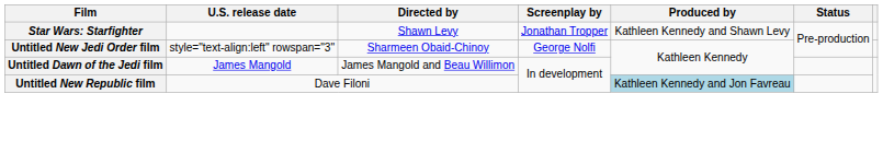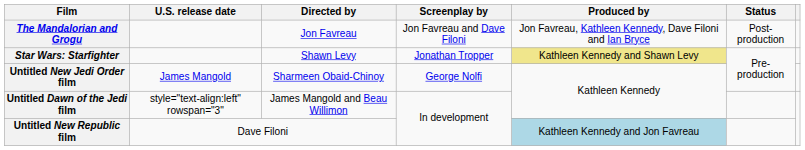 <table class="wikitable plainrowheaders" style="text-align:center; margin=auto; width:100%;">
 <tr>
 <th>Film</th>
 <th>U.S. release date</th>
 <th>Directed by</th>
 <th>Screenplay by</th>
 <th>Produced by</th>
 <th>Status</th>
 <th></th>
 </tr>
 <tr>
+<th scope="row"><em><a href='#'>The Mandalorian and Grogu</a></em></th>
+<td style="text-align:left"></td>
+<td><a href='#'>Jon Favreau</a></td>
+<td>Jon Favreau and <a href='#'>Dave Filoni</a></td>
+<td>Jon Favreau, <a href='#'>Kathleen Kennedy</a>, Dave Filoni and <a href='#'>Ian Bryce</a></td>
+<td>Post-production</td>
+<td></td>
+</tr>
+<tr>
 <th scope="row"><em>Star Wars: Starfighter</em></th>
 <td style="text-align:left"></td>
 <td><a href='#'>Shawn Levy</a></td>
 <td><a href='#'>Jonathan Tropper</a></td>
-<td>Kathleen Kennedy and Shawn Levy</td>
+<td style="background: khaki;">Kathleen Kennedy and Shawn Levy</td>
 <td rowspan="2">Pre-production</td>
 <td></td>
 </tr>
 <tr>
 <th scope="row">Untitled <em>New Jedi Order</em> film</th>
-<td>style="text-align:left" rowspan="3" </td>
+<td colspan="1"><a href='#'>James Mangold</a></td>
 <td><a href='#'>Sharmeen Obaid-Chinoy</a></td>
 <td><a href='#'>George Nolfi</a></td>
 <td rowspan="2">Kathleen Kennedy</td>
 <td></td>
 </tr>
 <tr>
 <th scope="row">Untitled <em>Dawn of the Jedi</em> film</th>
-<td colspan="1"><a href='#'>James Mangold</a></td>
+<td>style="text-align:left" rowspan="3" </td>
 <td>James Mangold and <a href='#'>Beau Willimon</a></td>
 <td rowspan="2">In development</td>
 <td></td>
 </tr>
 <tr>
 <th scope="row">Untitled <em>New Republic</em> film</th>
 <td colspan="2">Dave Filoni</td>
 <td style="background: lightblue;">Kathleen Kennedy and Jon Favreau</td>
 <td></td>
 </tr>
 </table>
